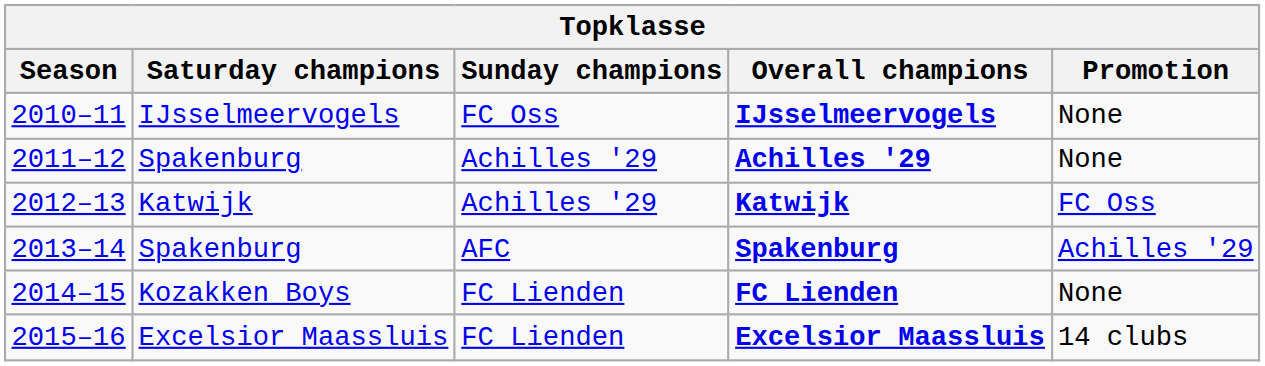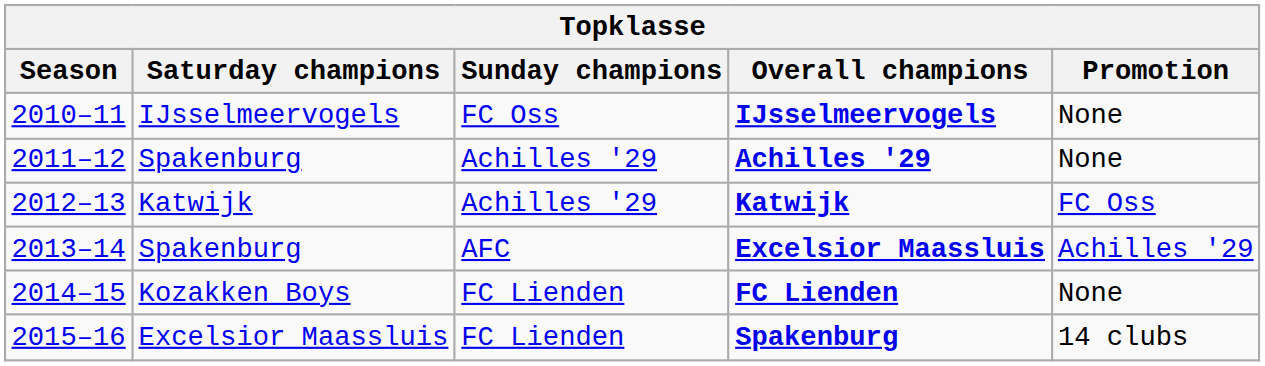 <table class="wikitable">
 <tr>
 <th colspan="5">Topklasse</th>
 </tr>
 <tr>
 <th>Season</th>
 <th>Saturday champions</th>
 <th>Sunday champions</th>
 <th>Overall champions</th>
 <th>Promotion</th>
 </tr>
 <tr>
 <td><a href='#'>2010–11</a></td>
 <td><a href='#'>IJsselmeervogels</a></td>
 <td><a href='#'>FC Oss</a></td>
 <td><strong><a href='#'>IJsselmeervogels</a></strong></td>
 <td>None</td>
 </tr>
 <tr>
 <td><a href='#'>2011–12</a></td>
 <td><a href='#'>Spakenburg</a></td>
 <td><a href='#'>Achilles '29</a></td>
 <td><strong><a href='#'>Achilles '29</a></strong></td>
 <td>None</td>
 </tr>
 <tr>
 <td><a href='#'>2012–13</a></td>
 <td><a href='#'>Katwijk</a></td>
 <td><a href='#'>Achilles '29</a></td>
 <td><strong><a href='#'>Katwijk</a></strong></td>
 <td><a href='#'>FC Oss</a></td>
 </tr>
 <tr>
 <td><a href='#'>2013–14</a></td>
 <td><a href='#'>Spakenburg</a></td>
 <td><a href='#'>AFC</a></td>
-<td><strong><a href='#'>Spakenburg</a></strong></td>
+<td><strong><a href='#'>Excelsior Maassluis</a></strong></td>
 <td><a href='#'>Achilles '29</a></td>
 </tr>
 <tr>
 <td><a href='#'>2014–15</a></td>
 <td><a href='#'>Kozakken Boys</a></td>
 <td><a href='#'>FC Lienden</a></td>
 <td><strong><a href='#'>FC Lienden</a></strong></td>
 <td>None</td>
 </tr>
 <tr>
 <td><a href='#'>2015–16</a></td>
 <td><a href='#'>Excelsior Maassluis</a></td>
 <td><a href='#'>FC Lienden</a></td>
-<td><strong><a href='#'>Excelsior Maassluis</a></strong></td>
+<td><strong><a href='#'>Spakenburg</a></strong></td>
 <td>14 clubs</td>
 </tr>
 </table>
